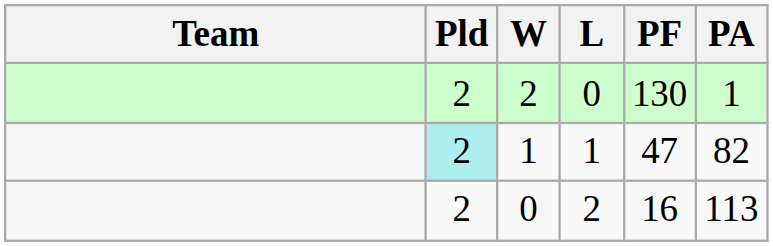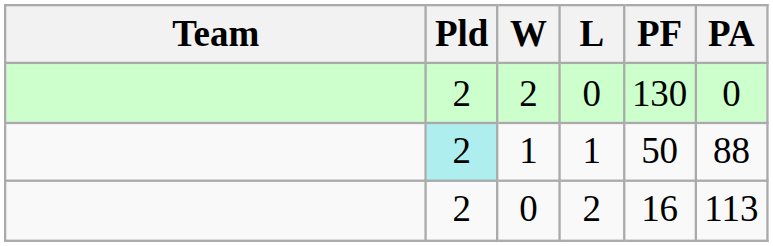 <table class="wikitable" style="text-align:center;">
 <tr>
 <th width=175>Team</th>
 <th width=20 abbr="Played">Pld</th>
 <th width=20 abbr="Won">W</th>
 <th width=20 abbr="Lost">L</th>
 <th width=20 abbr="Goals for">PF</th>
 <th width=20 abbr="Goals against">PA<br></th>
 </tr>
 <tr bgcolor=#ccffcc>
 <td style="text-align:left;"></td>
 <td>2</td>
 <td>2</td>
 <td>0</td>
 <td>130</td>
-<td>1</td>
+<td>0</td>
 </tr>
 <tr>
 <td style="text-align:left;"></td>
 <td style="background: paleturquoise;">2</td>
 <td>1</td>
 <td>1</td>
-<td>47</td>
-<td>82</td>
+<td>50</td>
+<td>88</td>
 </tr>
 <tr>
 <td style="text-align:left;"></td>
 <td>2</td>
 <td>0</td>
 <td>2</td>
 <td>16</td>
 <td>113</td>
 </tr>
 </table>
